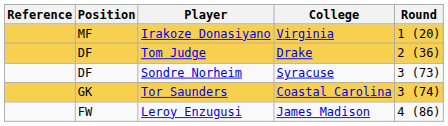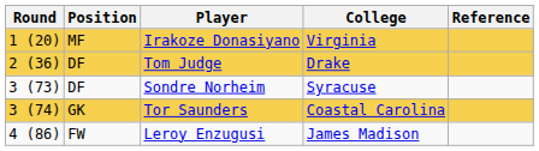 <table class="wikitable">
 <tr>
-<th>Reference</th>
+<th>Round</th>
 <th>Position</th>
 <th>Player</th>
 <th>College</th>
-<th>Round</th>
+<th>Reference</th>
 </tr>
 <tr | style="background:#f6d04e">
-<td></td>
+<td>1 (20)</td>
 <td>MF</td>
 <td> <a href='#'>Irakoze Donasiyano</a></td>
 <td><a href='#'>Virginia</a></td>
-<td>1 (20)</td>
+<td></td>
 </tr>
 <tr | style="background:#f6d04e">
-<td></td>
+<td>2 (36)</td>
 <td>DF</td>
 <td> <a href='#'>Tom Judge</a></td>
 <td><a href='#'>Drake</a></td>
-<td>2 (36)</td>
+<td></td>
 </tr>
 <tr>
-<td></td>
+<td>3 (73)</td>
 <td>DF</td>
 <td> <a href='#'>Sondre Norheim</a></td>
 <td><a href='#'>Syracuse</a></td>
-<td>3 (73)</td>
+<td></td>
 </tr>
 <tr | style="background:#f6d04e">
-<td></td>
+<td>3 (74)</td>
 <td>GK</td>
 <td> <a href='#'>Tor Saunders</a></td>
 <td><a href='#'>Coastal Carolina</a></td>
-<td>3 (74)</td>
+<td></td>
 </tr>
 <tr>
-<td></td>
+<td>4 (86)</td>
 <td>FW</td>
 <td> <a href='#'>Leroy Enzugusi</a></td>
 <td><a href='#'>James Madison</a></td>
-<td>4 (86)</td>
+<td></td>
 </tr>
 </table>
